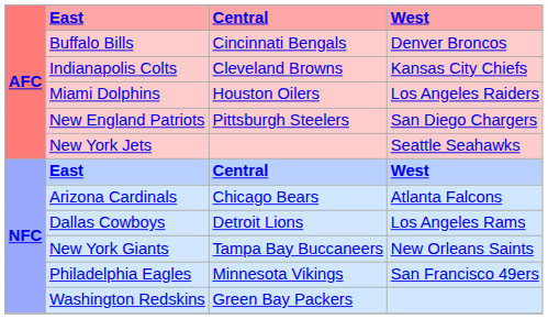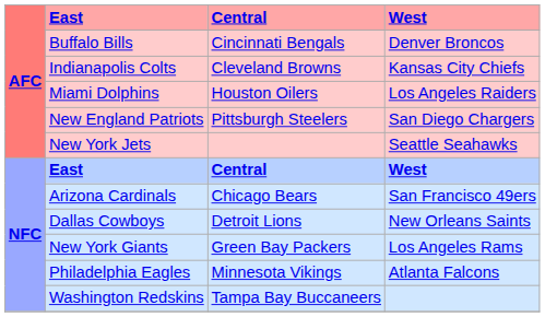 <table class="wikitable">
 <tr>
 <th rowspan="6" style="background-color: #FF7B77;"><strong><a href='#'>AFC</a></strong></th>
 <td style="background-color: #FFA7A7;"><strong><a href='#'>East</a></strong></td>
 <td style="background-color: #FFA7A7;"><strong><a href='#'>Central</a></strong></td>
 <td style="background-color: #FFA7A7;"><strong><a href='#'>West</a></strong></td>
 </tr>
 <tr>
 <td style="background-color: #FFCCCC;"><a href='#'>Buffalo Bills</a></td>
 <td style="background-color: #FFCCCC;"><a href='#'>Cincinnati Bengals</a></td>
 <td style="background-color: #FFCCCC;"><a href='#'>Denver Broncos</a></td>
 </tr>
 <tr>
 <td style="background-color: #FFCCCC;"><a href='#'>Indianapolis Colts</a></td>
 <td style="background-color: #FFCCCC;"><a href='#'>Cleveland Browns</a></td>
 <td style="background-color: #FFCCCC;"><a href='#'>Kansas City Chiefs</a></td>
 </tr>
 <tr>
 <td style="background-color: #FFCCCC;"><a href='#'>Miami Dolphins</a></td>
 <td style="background-color: #FFCCCC;"><a href='#'>Houston Oilers</a></td>
 <td style="background-color: #FFCCCC;"><a href='#'>Los Angeles Raiders</a></td>
 </tr>
 <tr>
 <td style="background-color: #FFCCCC;"><a href='#'>New England Patriots</a></td>
 <td style="background-color: #FFCCCC;"><a href='#'>Pittsburgh Steelers</a></td>
 <td style="background-color: #FFCCCC;"><a href='#'>San Diego Chargers</a></td>
 </tr>
 <tr>
 <td style="background-color: #FFCCCC;"><a href='#'>New York Jets</a></td>
 <td style="background-color: #FFCCCC;"></td>
 <td style="background-color: #FFCCCC;"><a href='#'>Seattle Seahawks</a></td>
 </tr>
 <tr>
 <th rowspan="6" style="background-color: #99A8FF;"><strong><a href='#'>NFC</a></strong></th>
 <td style="background-color: #B7D0FF;"><strong><a href='#'>East</a></strong></td>
 <td style="background-color: #B7D0FF;"><strong><a href='#'>Central</a></strong></td>
 <td style="background-color: #B7D0FF;"><strong><a href='#'>West</a></strong></td>
 </tr>
 <tr>
 <td style="background-color: #D0E7FF;"><a href='#'>Arizona Cardinals</a></td>
 <td style="background-color: #D0E7FF;"><a href='#'>Chicago Bears</a></td>
-<td style="background-color: #D0E7FF;"><a href='#'>Atlanta Falcons</a></td>
+<td style="background-color: #D0E7FF;"><a href='#'>San Francisco 49ers</a></td>
 </tr>
 <tr>
 <td style="background-color: #D0E7FF;"><a href='#'>Dallas Cowboys</a></td>
 <td style="background-color: #D0E7FF;"><a href='#'>Detroit Lions</a></td>
-<td style="background-color: #D0E7FF;"><a href='#'>Los Angeles Rams</a></td>
+<td style="background-color: #D0E7FF;"><a href='#'>New Orleans Saints</a></td>
 </tr>
 <tr>
 <td style="background-color: #D0E7FF;"><a href='#'>New York Giants</a></td>
-<td style="background-color: #D0E7FF;"><a href='#'>Tampa Bay Buccaneers</a></td>
-<td style="background-color: #D0E7FF;"><a href='#'>New Orleans Saints</a></td>
+<td style="background-color: #D0E7FF;"><a href='#'>Green Bay Packers</a></td>
+<td style="background-color: #D0E7FF;"><a href='#'>Los Angeles Rams</a></td>
 </tr>
 <tr>
 <td style="background-color: #D0E7FF;"><a href='#'>Philadelphia Eagles</a></td>
 <td style="background-color: #D0E7FF;"><a href='#'>Minnesota Vikings</a></td>
-<td style="background-color: #D0E7FF;"><a href='#'>San Francisco 49ers</a></td>
+<td style="background-color: #D0E7FF;"><a href='#'>Atlanta Falcons</a></td>
 </tr>
 <tr>
 <td style="background-color: #D0E7FF;"><a href='#'>Washington Redskins</a></td>
-<td style="background-color: #D0E7FF;"><a href='#'>Green Bay Packers</a></td>
+<td style="background-color: #D0E7FF;"><a href='#'>Tampa Bay Buccaneers</a></td>
 <td style="background-color: #D0E7FF;"></td>
 </tr>
 <tr>
 </tr>
 </table>
